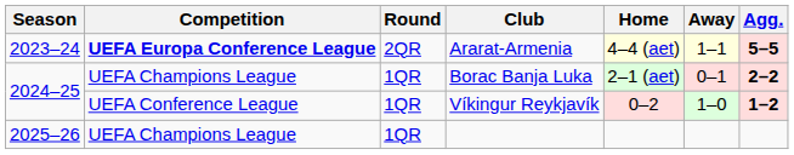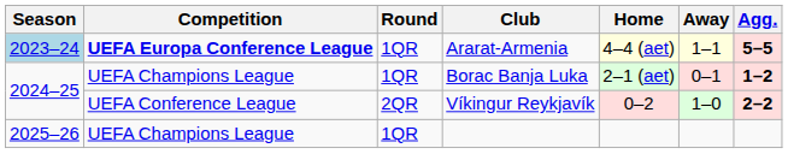 <table class="wikitable">
 <tr>
 <th>Season</th>
 <th>Competition</th>
 <th>Round</th>
 <th>Club</th>
 <th>Home</th>
 <th>Away</th>
 <th><a href='#'>Agg.</a></th>
 </tr>
 <tr>
-<td><a href='#'>2023–24</a></td>
+<td style="background: lightblue;"><a href='#'>2023–24</a></td>
 <td><strong><a href='#'>UEFA Europa Conference League</a></strong></td>
-<td><a href='#'>2QR</a></td>
+<td><a href='#'>1QR</a></td>
 <td> <a href='#'>Ararat-Armenia</a></td>
 <td style="text-align:center; background:#ffd;">4–4 (<a href='#'>aet</a>)</td>
 <td style="text-align:center; background:#ffd;">1–1</td>
 <td style="text-align:center; background:#fdd;"><strong>5–5</strong> </td>
 </tr>
 <tr>
 <td rowspan="2"><a href='#'>2024–25</a></td>
 <td><a href='#'>UEFA Champions League</a></td>
 <td><a href='#'>1QR</a></td>
 <td> <a href='#'>Borac Banja Luka</a></td>
 <td style="text-align:center; background:#dfd;">2–1 (<a href='#'>aet</a>)</td>
 <td style="text-align:center; background:#fdd;">0–1</td>
-<td style="text-align:center; background:#fdd;"><strong>2–2</strong> </td>
+<td style="text-align:center;background:#fdd;"><strong>1–2</strong></td>
 </tr>
 <tr>
 <td><a href='#'>UEFA Conference League</a></td>
-<td><a href='#'>1QR</a></td>
+<td><a href='#'>2QR</a></td>
 <td> <a href='#'>Víkingur Reykjavík</a></td>
 <td style="text-align:center;background:#fdd;">0–2</td>
 <td style="text-align:center; background:#dfd;">1–0</td>
-<td style="text-align:center;background:#fdd;"><strong>1–2</strong></td>
+<td style="text-align:center; background:#fdd;"><strong>2–2</strong> </td>
 </tr>
 <tr>
 <td><a href='#'>2025–26</a></td>
 <td><a href='#'>UEFA Champions League</a></td>
 <td><a href='#'>1QR</a></td>
 <td></td>
 <td style="text-align:center;"></td>
 <td style="text-align:center;"></td>
 <td style="text-align:center;"></td>
 </tr>
 </table>
